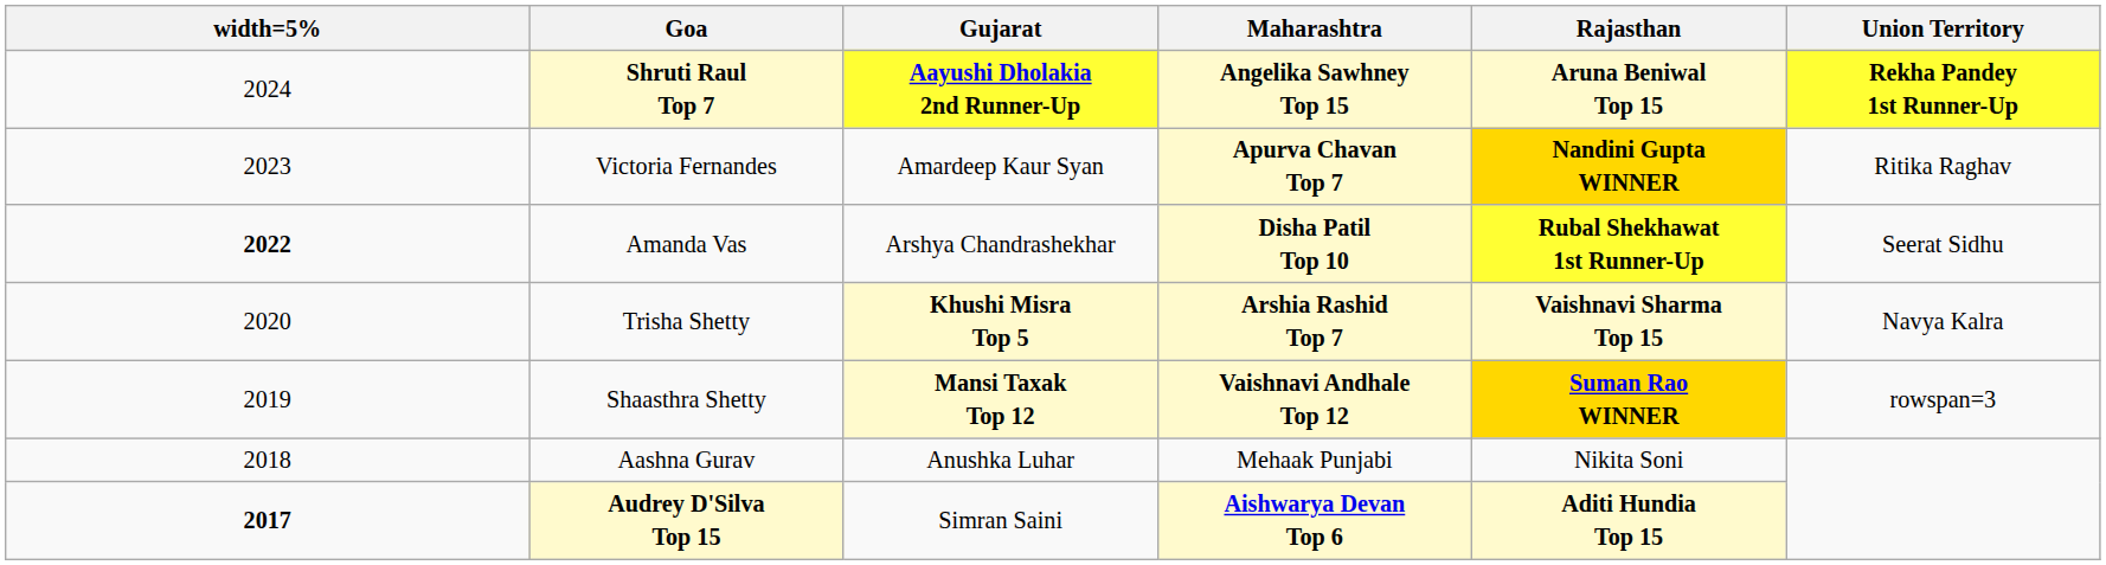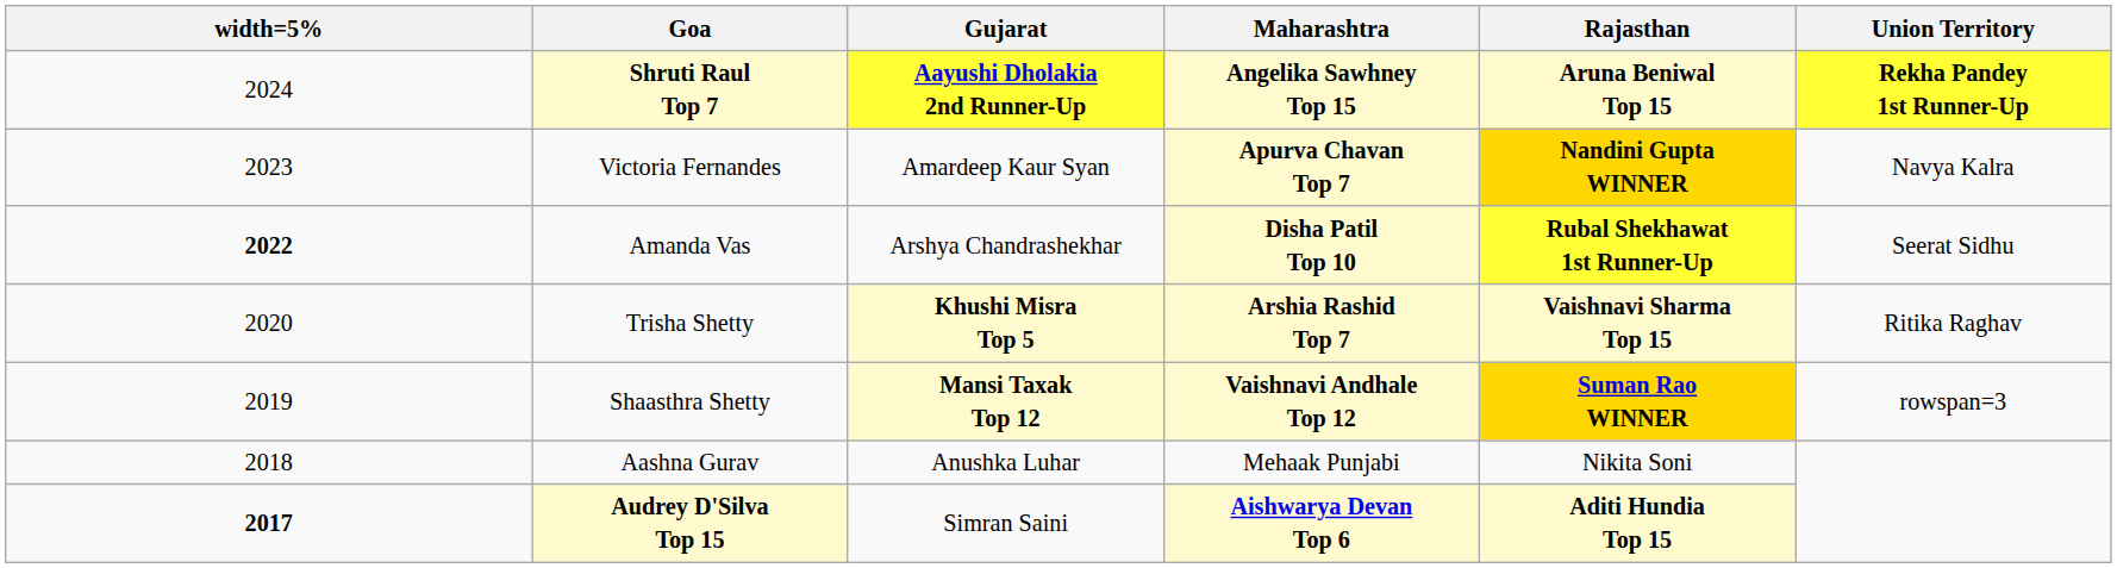 <table class="wikitable" style="text-align:center; line-height:20px; font-size:90%; width:100%;">
 <tr>
 <th>width=5%</th>
 <th width=15%>Goa</th>
 <th width=15%>Gujarat</th>
 <th width=15%>Maharashtra</th>
 <th width=15%>Rajasthan</th>
 <th width=15%>Union Territory</th>
 </tr>
 <tr>
 <td>2024</td>
 <td style="background:#FFFACD;"><strong>Shruti Raul<br>Top 7</strong></td>
 <td style="background:#FFFF33;"><strong><a href='#'>Aayushi Dholakia</a><br>2nd Runner-Up</strong></td>
 <td style="background:#FFFACD;"><strong>Angelika Sawhney<br>Top 15</strong></td>
 <td style="background:#FFFACD;"><strong>Aruna Beniwal<br>Top 15</strong></td>
 <td style="background:#FFFF33;"><strong>Rekha Pandey<br>1st Runner-Up</strong></td>
 </tr>
 <tr>
 <td>2023</td>
 <td>Victoria Fernandes</td>
 <td>Amardeep Kaur Syan</td>
 <td style="background:#FFFACD;"><strong>Apurva Chavan<br>Top 7</strong></td>
 <td style="background:gold;"><strong>Nandini Gupta<br>WINNER</strong></td>
-<td>Ritika Raghav</td>
+<td>Navya Kalra</td>
 </tr>
 <tr>
 <td><strong>2022</strong></td>
 <td>Amanda Vas</td>
 <td>Arshya Chandrashekhar</td>
 <td style="background:#FFFACD;"><strong>Disha Patil<br>Top 10</strong></td>
 <td style="background:#FFFF33;"><strong>Rubal Shekhawat<br>1st Runner-Up</strong></td>
 <td>Seerat Sidhu</td>
 </tr>
 <tr>
 <td>2020</td>
 <td>Trisha Shetty</td>
 <td style="background:#FFFACD;"><strong>Khushi Misra<br>Top 5</strong></td>
 <td style="background:#FFFACD;"><strong>Arshia Rashid<br>Top 7</strong></td>
 <td style="background:#FFFACD;"><strong>Vaishnavi Sharma<br>Top 15</strong></td>
-<td>Navya Kalra</td>
+<td>Ritika Raghav</td>
 </tr>
 <tr>
 <td>2019</td>
 <td>Shaasthra Shetty</td>
 <td style="background:#FFFACD;"><strong>Mansi Taxak<br>Top 12</strong></td>
 <td style="background:#FFFACD;"><strong>Vaishnavi Andhale<br>Top 12</strong></td>
 <td style="background:gold;"><strong><a href='#'>Suman Rao</a><br>WINNER</strong></td>
 <td>rowspan=3 </td>
 </tr>
 <tr>
 <td>2018</td>
 <td>Aashna Gurav</td>
 <td>Anushka Luhar</td>
 <td>Mehaak Punjabi</td>
 <td>Nikita Soni</td>
 </tr>
 <tr>
 <td><strong>2017</strong></td>
 <td style="background:#FFFACD;"><strong>Audrey D'Silva<br>Top 15</strong></td>
 <td>Simran Saini</td>
 <td style="background:#FFFACD;"><strong><a href='#'>Aishwarya Devan</a><br>Top 6</strong></td>
 <td style="background:#FFFACD;"><strong>Aditi Hundia<br>Top 15</strong></td>
 </tr>
 </table>
